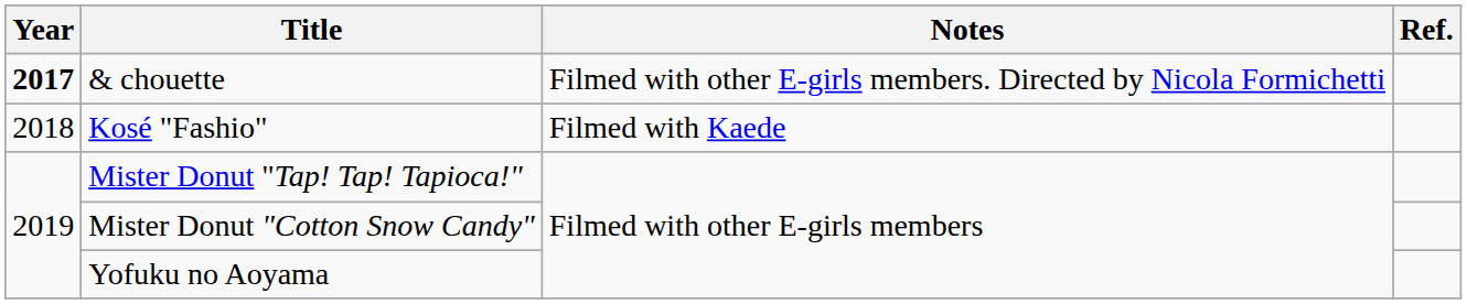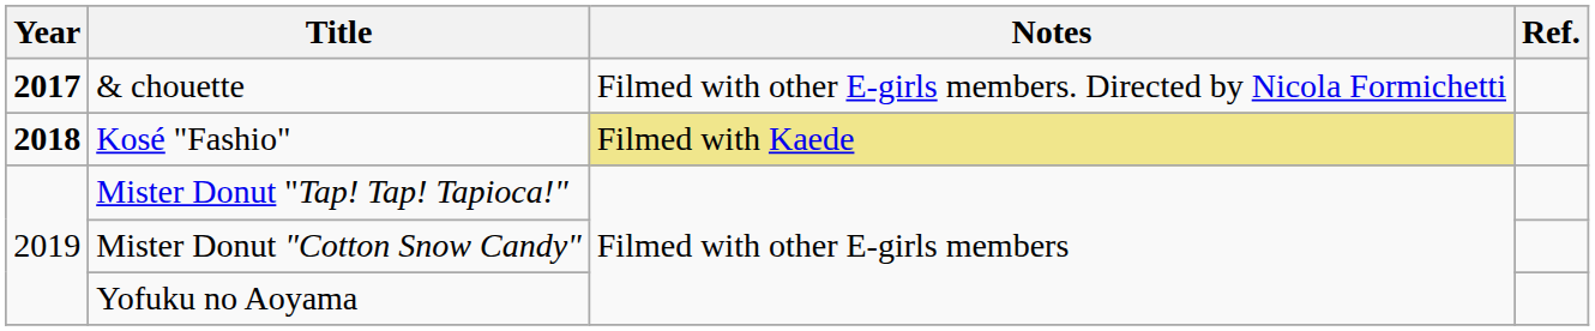 <table class="wikitable">
 <tr>
 <th>Year</th>
 <th>Title</th>
 <th>Notes</th>
 <th>Ref.</th>
 </tr>
 <tr>
 <td><strong>2017</strong></td>
 <td>& chouette</td>
 <td>Filmed with other <a href='#'>E-girls</a> members. Directed by <a href='#'>Nicola Formichetti</a></td>
 <td></td>
 </tr>
 <tr>
-<td>2018</td>
+<td><strong>2018</strong></td>
 <td><a href='#'>Kosé</a> "Fashio"</td>
-<td>Filmed with <a href='#'>Kaede</a></td>
+<td style="background: khaki;">Filmed with <a href='#'>Kaede</a></td>
 <td></td>
 </tr>
 <tr>
 <td rowspan="3">2019</td>
 <td><a href='#'>Mister Donut</a> "<em>Tap! Tap! Tapioca!"</em></td>
 <td rowspan="3">Filmed with other E-girls members</td>
 <td></td>
 </tr>
 <tr>
 <td>Mister Donut <em>"Cotton Snow Candy"</em></td>
 <td></td>
 </tr>
 <tr>
 <td>Yofuku no Aoyama</td>
 <td></td>
 </tr>
 </table>
